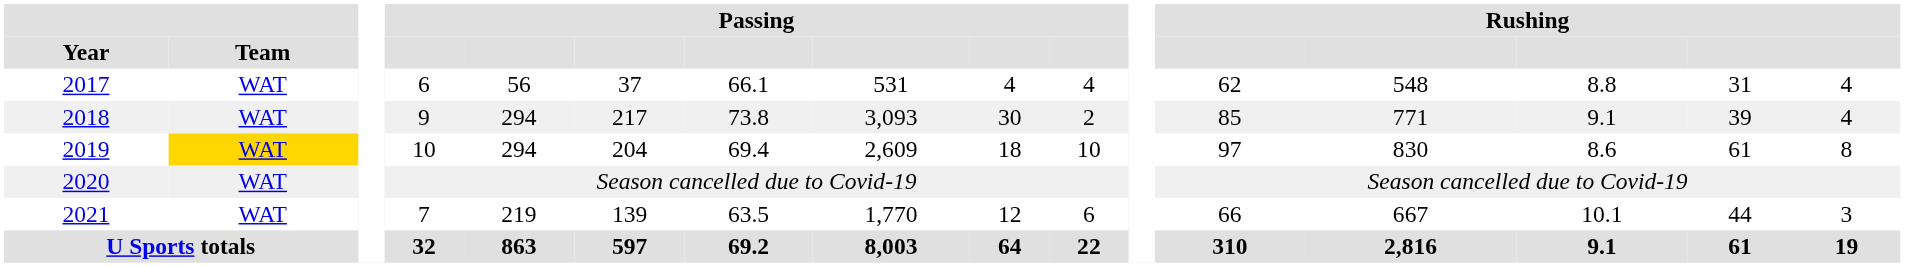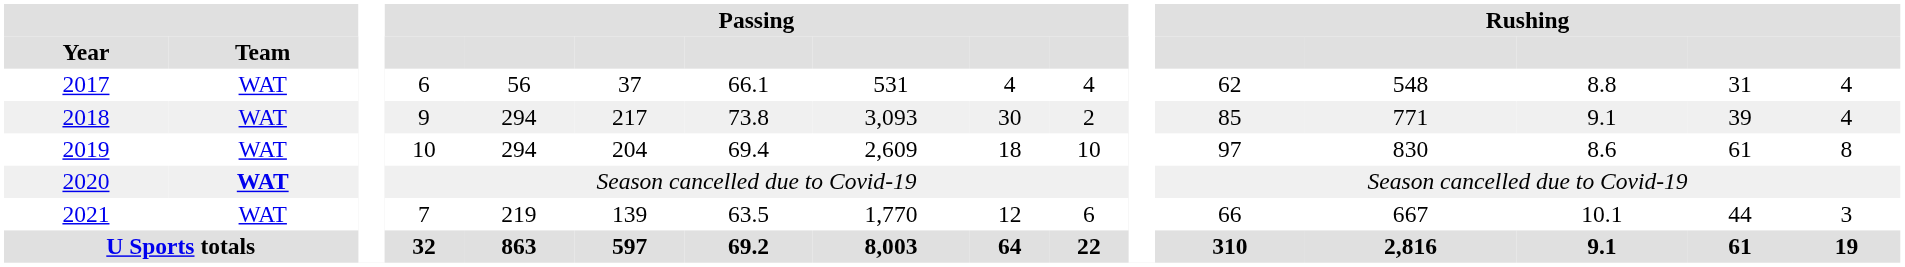 <table BORDER="0" CELLPADDING="2" CELLSPACING="0" width="65%" style="text-align:center">
 <tr bgcolor="#e0e0e0">
 <th colspan="2"></th>
 <th rowspan="99" bgcolor="#ffffff"> </th>
 <th colspan="7">Passing</th>
 <th rowspan="99" bgcolor="#ffffff"> </th>
 <th colspan="5">Rushing</th>
 </tr>
 <tr bgcolor="#e0e0e0">
 <th>Year</th>
 <th>Team</th>
 <th></th>
 <th></th>
 <th></th>
 <th></th>
 <th></th>
 <th></th>
 <th></th>
 <th></th>
 <th></th>
 <th></th>
 <th></th>
 <th></th>
 </tr>
 <tr ALIGN="center">
 <td><a href='#'>2017</a></td>
 <td><a href='#'>WAT</a></td>
 <td>6</td>
 <td>56</td>
 <td>37</td>
 <td>66.1</td>
 <td>531</td>
 <td>4</td>
 <td>4</td>
 <td>62</td>
 <td>548</td>
 <td>8.8</td>
 <td>31</td>
 <td>4</td>
 </tr>
 <tr ALIGN="center" bgcolor="#f0f0f0">
 <td><a href='#'>2018</a></td>
 <td><a href='#'>WAT</a></td>
 <td>9</td>
 <td>294</td>
 <td>217</td>
 <td>73.8</td>
 <td>3,093</td>
 <td>30</td>
 <td>2</td>
 <td>85</td>
 <td>771</td>
 <td>9.1</td>
 <td>39</td>
 <td>4</td>
 </tr>
 <tr ALIGN="center">
 <td><a href='#'>2019</a></td>
-<td style="background: gold;"><a href='#'>WAT</a></td>
+<td><a href='#'>WAT</a></td>
 <td>10</td>
 <td>294</td>
 <td>204</td>
 <td>69.4</td>
 <td>2,609</td>
 <td>18</td>
 <td>10</td>
 <td>97</td>
 <td>830</td>
 <td>8.6</td>
 <td>61</td>
 <td>8</td>
 </tr>
 <tr ALIGN="center" bgcolor="#f0f0f0">
 <td><a href='#'>2020</a></td>
-<td><a href='#'>WAT</a></td>
+<td><strong><a href='#'>WAT</a></strong></td>
 <td colspan="7"><em>Season cancelled due to Covid-19</em></td>
 <td colspan="5"><em>Season cancelled due to Covid-19</em></td>
 </tr>
 <tr ALIGN="center">
 <td><a href='#'>2021</a></td>
 <td><a href='#'>WAT</a></td>
 <td>7</td>
 <td>219</td>
 <td>139</td>
 <td>63.5</td>
 <td>1,770</td>
 <td>12</td>
 <td>6</td>
 <td>66</td>
 <td>667</td>
 <td>10.1</td>
 <td>44</td>
 <td>3</td>
 </tr>
 <tr bgcolor="#e0e0e0">
 <th colspan="2"><a href='#'>U Sports</a> totals</th>
 <th>32</th>
 <th>863</th>
 <th>597</th>
 <th>69.2</th>
 <th>8,003</th>
 <th>64</th>
 <th>22</th>
 <th>310</th>
 <th>2,816</th>
 <th>9.1</th>
 <th>61</th>
 <th>19</th>
 </tr>
 </table>
